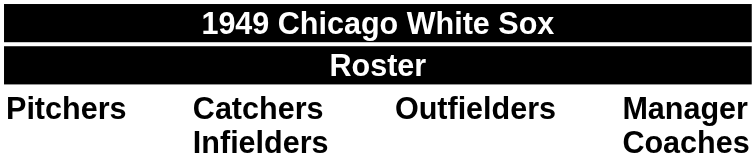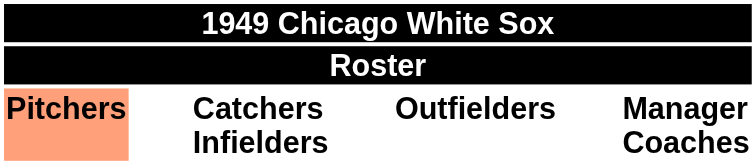 <table class="toccolours" style="font-size: 95%;">
 <tr>
 <th colspan="10" style="background-color: black; color: white; text-align: center;">1949 Chicago White Sox</th>
 </tr>
 <tr>
 <td colspan="10" style="background-color: black; color: white; text-align: center;"><strong>Roster</strong></td>
 </tr>
 <tr>
-<td valign="top"><strong>Pitchers</strong><br>                 </td>
+<td valign="top" style="background: lightsalmon;"><strong>Pitchers</strong><br>                 </td>
 <td width="25px"></td>
 <td valign="top"><strong>Catchers</strong><br>    <strong>Infielders</strong>          </td>
 <td width="25px"></td>
 <td valign="top"><strong>Outfielders</strong><br>           </td>
 <td width="25px"></td>
 <td valign="top"><strong>Manager</strong><br> <strong>Coaches</strong>   </td>
 </tr>
 </table>
